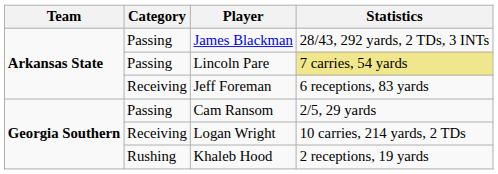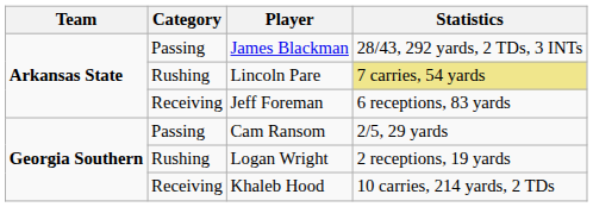 <table class="wikitable" style="float: left;">
 <tr>
 <th>Team</th>
 <th>Category</th>
 <th>Player</th>
 <th>Statistics</th>
 </tr>
 <tr>
 <td rowspan=3><strong>Arkansas State</strong></td>
 <td>Passing</td>
 <td><a href='#'>James Blackman</a></td>
 <td>28/43, 292 yards, 2 TDs, 3 INTs</td>
 </tr>
 <tr>
-<td>Passing</td>
+<td>Rushing</td>
 <td>Lincoln Pare</td>
 <td style="background: khaki;">7 carries, 54 yards</td>
 </tr>
 <tr>
 <td>Receiving</td>
 <td>Jeff Foreman</td>
 <td>6 receptions, 83 yards</td>
 </tr>
 <tr>
 <td rowspan=3><strong>Georgia Southern</strong></td>
 <td>Passing</td>
 <td>Cam Ransom</td>
 <td>2/5, 29 yards</td>
 </tr>
 <tr>
+<td>Rushing</td>
+<td>Logan Wright</td>
+<td>2 receptions, 19 yards</td>
+</tr>
+<tr>
 <td>Receiving</td>
-<td>Logan Wright</td>
+<td>Khaleb Hood</td>
 <td>10 carries, 214 yards, 2 TDs</td>
 </tr>
-<tr>
-<td>Rushing</td>
-<td>Khaleb Hood</td>
-<td>2 receptions, 19 yards</td>
-</tr>
 </table>
